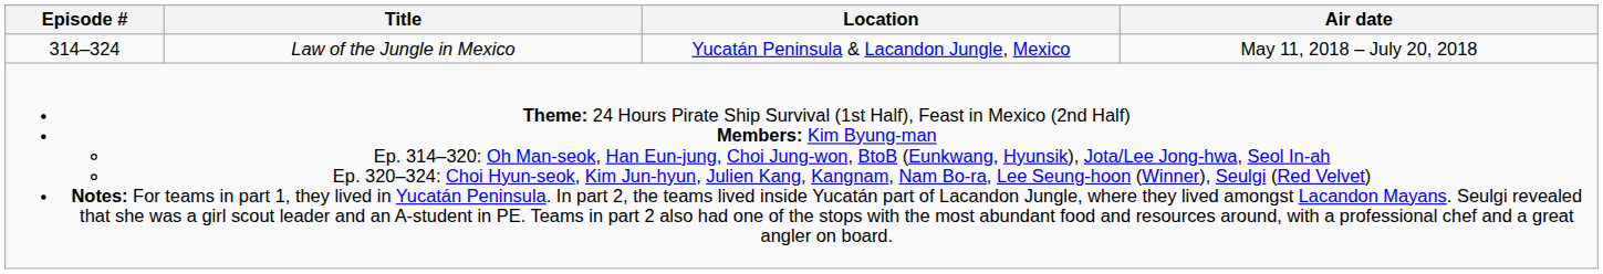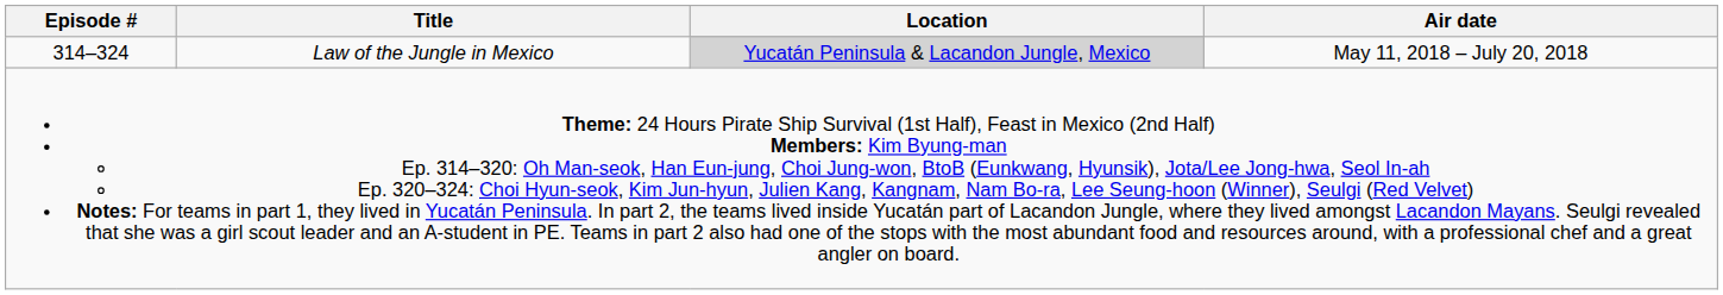 <table class="wikitable" style="text-align:center; font-size:90%; width:100%;">
 <tr>
 <th width="10%">Episode #</th>
 <th width="30%">Title</th>
 <th width="30%">Location</th>
 <th width="30%">Air date</th>
 </tr>
 <tr>
 <td>314–324</td>
 <td><em>Law of the Jungle in Mexico</em></td>
-<td><a href='#'>Yucatán Peninsula</a> & <a href='#'>Lacandon Jungle</a>, <a href='#'>Mexico</a></td>
+<td style="background: lightgrey;"><a href='#'>Yucatán Peninsula</a> & <a href='#'>Lacandon Jungle</a>, <a href='#'>Mexico</a></td>
 <td>May 11, 2018 – July 20, 2018</td>
 </tr>
 <tr>
 <td colspan="4"><br><ul><li><strong>Theme:</strong> 24 Hours Pirate Ship Survival (1st Half), Feast in Mexico (2nd Half)</li><li><strong>Members:</strong> <a href='#'>Kim Byung-man</a><ul><li>Ep. 314–320: <a href='#'>Oh Man-seok</a>, <a href='#'>Han Eun-jung</a>, <a href='#'>Choi Jung-won</a>, <a href='#'>BtoB</a> (<a href='#'>Eunkwang</a>, <a href='#'>Hyunsik</a>), <a href='#'>Jota/Lee Jong-hwa</a>, <a href='#'>Seol In-ah</a></li><li>Ep. 320–324: <a href='#'>Choi Hyun-seok</a>, <a href='#'>Kim Jun-hyun</a>, <a href='#'>Julien Kang</a>, <a href='#'>Kangnam</a>, <a href='#'>Nam Bo-ra</a>, <a href='#'>Lee Seung-hoon</a> (<a href='#'>Winner</a>), <a href='#'>Seulgi</a> (<a href='#'>Red Velvet</a>)</li></ul></li><li><strong>Notes:</strong> For teams in part 1, they lived in <a href='#'>Yucatán Peninsula</a>. In part 2, the teams lived inside Yucatán part of Lacandon Jungle, where they lived amongst <a href='#'>Lacandon Mayans</a>. Seulgi revealed that she was a girl scout leader and an A-student in PE. Teams in part 2 also had one of the stops with the most abundant food and resources around, with a professional chef and a great angler on board.</li></ul></td>
 </tr>
 </table>
